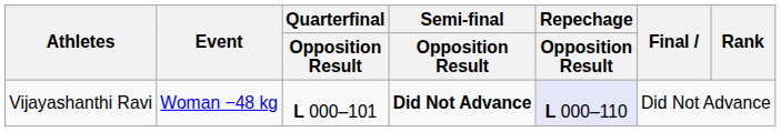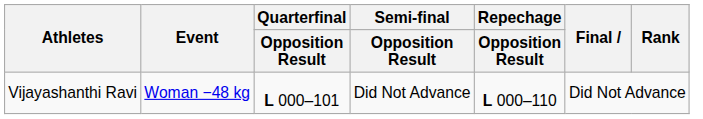 <table class="wikitable" style="text-align:center; font-size:90%">
 <tr>
 <th rowspan=2>Athletes</th>
 <th rowspan=2>Event</th>
 <th>Quarterfinal</th>
 <th>Semi-final</th>
 <th>Repechage</th>
 <th rowspan=2>Final / </th>
 <th rowspan=2>Rank</th>
 </tr>
 <tr>
 <th>Opposition<br>Result</th>
 <th>Opposition<br>Result</th>
 <th>Opposition<br>Result</th>
 </tr>
 <tr>
 <td align=left>Vijayashanthi Ravi</td>
 <td align=left><a href='#'>Woman −48 kg</a></td>
 <td><br><strong>L</strong> 000–101</td>
-<td><strong>Did Not Advance</strong></td>
-<td style="background: lavender;"><br><strong>L</strong> 000–110</td>
+<td>Did Not Advance</td>
+<td><br><strong>L</strong> 000–110</td>
 <td colspan=2>Did Not Advance</td>
 </tr>
 </table>
